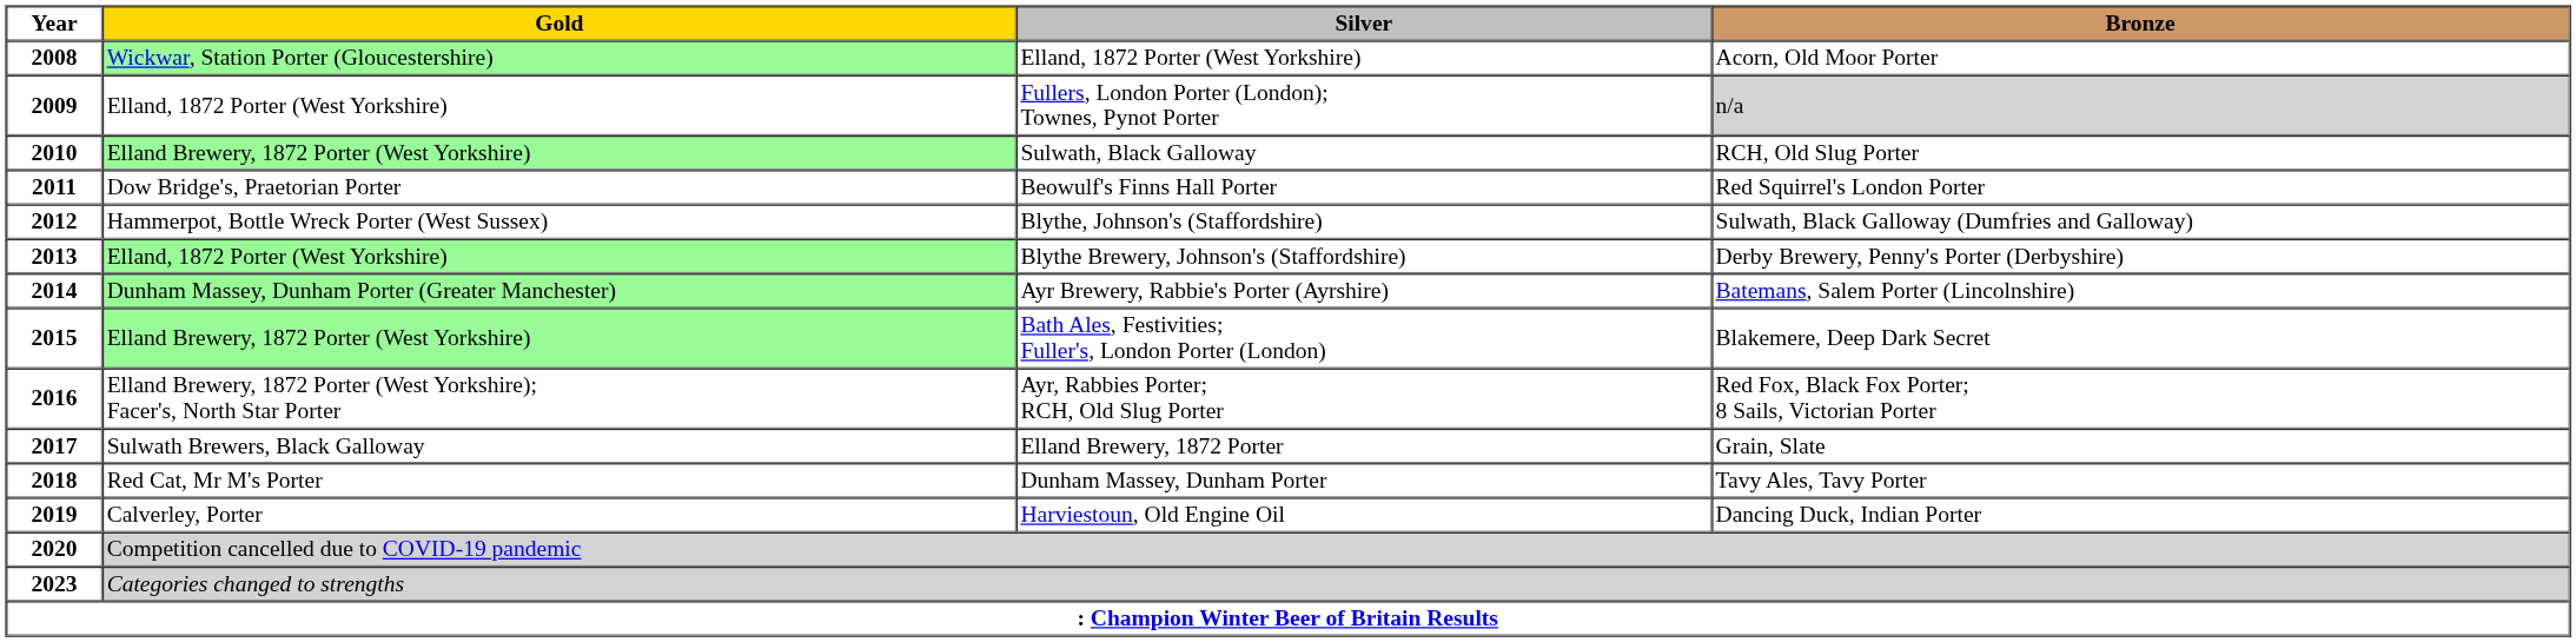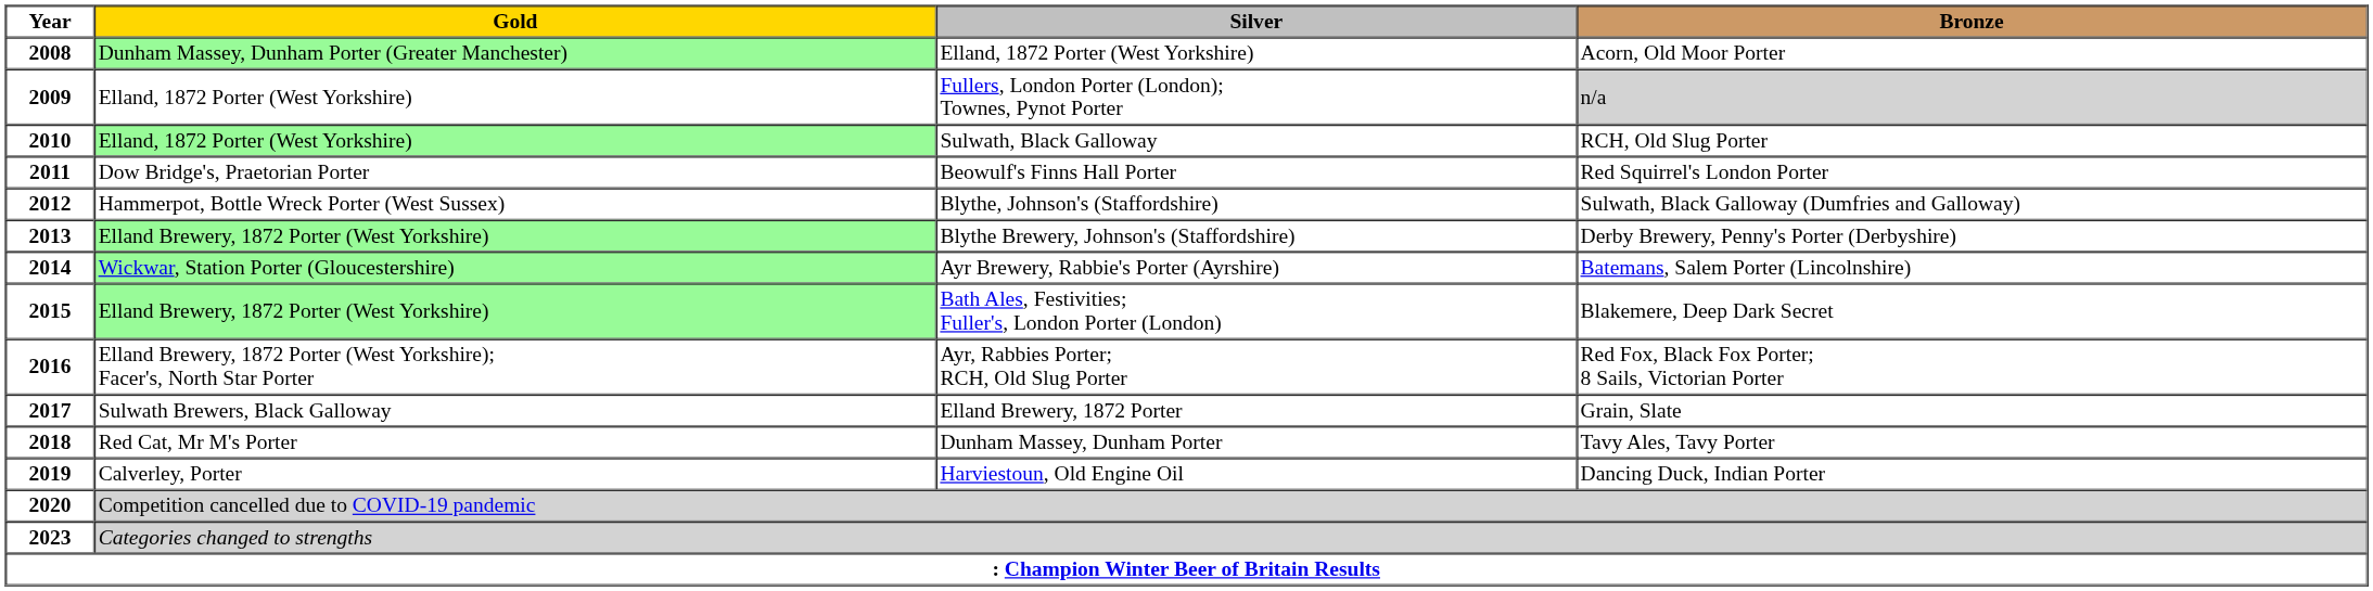 <table | width=90% border=1 cellpadding=2 cellspacing=0>
 <tr>
 <th>Year</th>
 <th style="background:gold;"><strong>Gold</strong></th>
 <th style="background:silver;"><strong>Silver</strong></th>
 <th style="background:#c96;"><strong>Bronze</strong></th>
 </tr>
 <tr>
 <th>2008</th>
-<td style="background:palegreen;"><a href='#'>Wickwar</a>, Station Porter (Gloucestershire)</td>
+<td style="background:palegreen;">Dunham Massey, Dunham Porter (Greater Manchester)</td>
 <td>Elland, 1872 Porter (West Yorkshire)</td>
 <td>Acorn, Old Moor Porter</td>
 </tr>
 <tr>
 <th>2009</th>
 <td>Elland, 1872 Porter (West Yorkshire)</td>
 <td><a href='#'>Fullers</a>, London Porter (London);<br> Townes, Pynot Porter</td>
 <td style="background:lightgray;">n/a</td>
 </tr>
 <tr>
 <th>2010</th>
-<td style="background:palegreen;">Elland Brewery, 1872 Porter (West Yorkshire)</td>
+<td style="background:palegreen;">Elland, 1872 Porter (West Yorkshire)</td>
 <td>Sulwath, Black Galloway</td>
 <td>RCH, Old Slug Porter</td>
 </tr>
 <tr>
 <th>2011</th>
 <td>Dow Bridge's, Praetorian Porter</td>
 <td>Beowulf's Finns Hall Porter</td>
 <td>Red Squirrel's London Porter</td>
 </tr>
 <tr>
 <th>2012</th>
 <td>Hammerpot, Bottle Wreck Porter (West Sussex)</td>
 <td>Blythe, Johnson's (Staffordshire)</td>
 <td>Sulwath, Black Galloway (Dumfries and Galloway)</td>
 </tr>
 <tr>
 <th>2013</th>
-<td style="background:palegreen;">Elland, 1872 Porter (West Yorkshire)</td>
+<td style="background:palegreen;">Elland Brewery, 1872 Porter (West Yorkshire)</td>
 <td>Blythe Brewery, Johnson's (Staffordshire)</td>
 <td>Derby Brewery, Penny's Porter (Derbyshire)</td>
 </tr>
 <tr>
 <th>2014</th>
-<td style="background:palegreen;">Dunham Massey, Dunham Porter (Greater Manchester)</td>
+<td style="background:palegreen;"><a href='#'>Wickwar</a>, Station Porter (Gloucestershire)</td>
 <td>Ayr Brewery, Rabbie's Porter (Ayrshire)</td>
 <td><a href='#'>Batemans</a>, Salem Porter (Lincolnshire)</td>
 </tr>
 <tr>
 <th>2015</th>
 <td style="background:palegreen;">Elland Brewery, 1872 Porter (West Yorkshire)</td>
 <td><a href='#'>Bath Ales</a>, Festivities; <br> <a href='#'>Fuller's</a>, London Porter (London)</td>
 <td>Blakemere, Deep Dark Secret</td>
 </tr>
 <tr>
 <th>2016</th>
 <td>Elland Brewery, 1872 Porter (West Yorkshire);<br> Facer's, North Star Porter</td>
 <td>Ayr, Rabbies Porter;<br> RCH, Old Slug Porter</td>
 <td>Red Fox, Black Fox Porter;<br> 8 Sails, Victorian Porter</td>
 </tr>
 <tr>
 <th>2017</th>
 <td>Sulwath Brewers, Black Galloway</td>
 <td>Elland Brewery, 1872 Porter</td>
 <td>Grain, Slate</td>
 </tr>
 <tr>
 <th>2018</th>
 <td>Red Cat, Mr M's Porter</td>
 <td>Dunham Massey, Dunham Porter</td>
 <td>Tavy Ales, Tavy Porter</td>
 </tr>
 <tr>
 <th>2019</th>
 <td>Calverley, Porter </td>
 <td><a href='#'>Harviestoun</a>, Old Engine Oil</td>
 <td>Dancing Duck, Indian Porter</td>
 </tr>
 <tr>
 <th>2020</th>
 <td style="background:lightgray;" colspan="3">Competition cancelled due to <a href='#'>COVID-19 pandemic</a></td>
 </tr>
 <tr>
 <th>2023</th>
 <td style="background:lightgray;" colspan="3"><em>Categories changed to strengths</em></td>
 </tr>
 <tr>
 <th colspan="4">: <a href='#'>Champion Winter Beer of Britain Results</a></th>
 </tr>
 </table>
